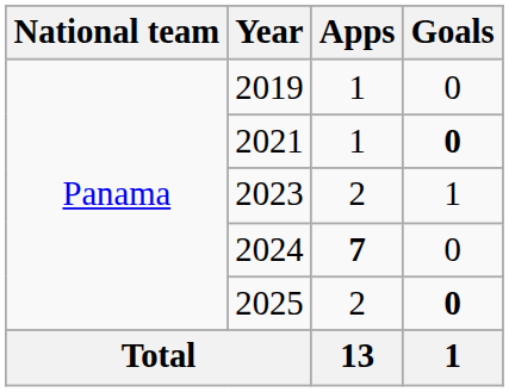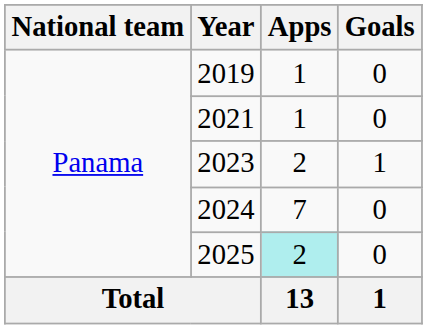 <table class="wikitable" style="text-align:center">
 <tr>
 <th>National team</th>
 <th>Year</th>
 <th>Apps</th>
 <th>Goals</th>
 </tr>
 <tr>
 <td rowspan="5"><a href='#'>Panama</a></td>
 <td>2019</td>
 <td>1</td>
 <td>0</td>
 </tr>
 <tr>
 <td>2021</td>
 <td>1</td>
-<td><strong>0</strong></td>
+<td>0</td>
 </tr>
 <tr>
 <td>2023</td>
 <td>2</td>
 <td>1</td>
 </tr>
 <tr>
 <td>2024</td>
-<td><strong>7</strong></td>
+<td>7</td>
 <td>0</td>
 </tr>
 <tr>
 <td>2025</td>
-<td>2</td>
-<td><strong>0</strong></td>
+<td style="background: paleturquoise;">2</td>
+<td>0</td>
 </tr>
 <tr>
 <th colspan="2">Total</th>
 <th>13</th>
 <th>1</th>
 </tr>
 </table>
